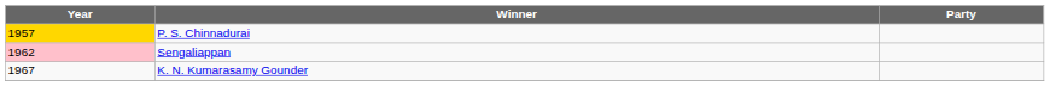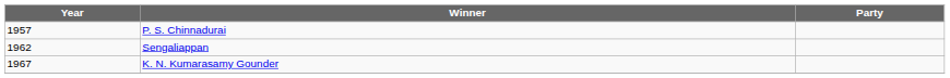 <table class="wikitable" width="70%">
 <tr>
 <th style="background-color:#666666; color:white">Year</th>
 <th style="background-color:#666666; color:white">Winner</th>
 <th style="background-color:#666666; color:white" colspan="2">Party</th>
 </tr>
 <tr>
-<td style="background: gold;">1957</td>
+<td>1957</td>
 <td><a href='#'>P. S. Chinnadurai</a></td>
 <td></td>
 </tr>
 <tr>
-<td style="background: pink;">1962</td>
+<td>1962</td>
 <td><a href='#'>Sengaliappan</a></td>
 <td></td>
 </tr>
 <tr>
 <td>1967</td>
 <td><a href='#'>K. N. Kumarasamy Gounder</a></td>
 <td></td>
 </tr>
 <tr>
 </tr>
 </table>
